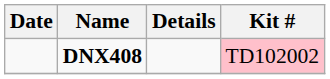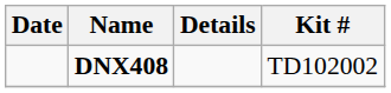 <table class="wikitable">
 <tr>
 <th>Date</th>
 <th>Name</th>
 <th>Details</th>
 <th>Kit #</th>
 </tr>
 <tr>
 <td></td>
 <td><strong>DNX408</strong></td>
 <td></td>
-<td style="background: pink;">TD102002</td>
+<td>TD102002</td>
 </tr>
 <tr>
 </tr>
 </table>
